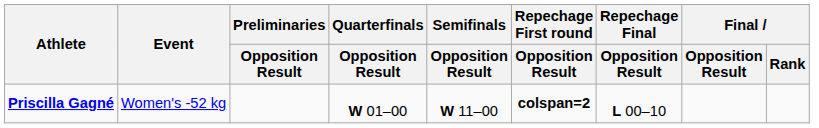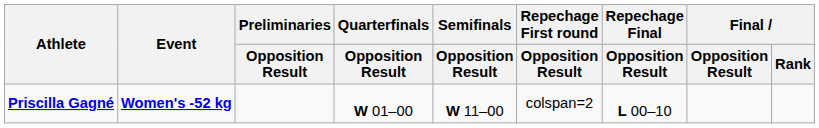 <table class="wikitable" style="font-size:90%">
 <tr>
 <th rowspan="2">Athlete</th>
 <th rowspan="2">Event</th>
 <th>Preliminaries</th>
 <th>Quarterfinals</th>
 <th>Semifinals</th>
 <th>Repechage<br>First round</th>
 <th>Repechage<br>Final</th>
 <th colspan="2">Final / </th>
 </tr>
 <tr>
 <th>Opposition<br>Result</th>
 <th>Opposition<br>Result</th>
 <th>Opposition<br>Result</th>
 <th>Opposition<br>Result</th>
 <th>Opposition<br>Result</th>
 <th>Opposition<br>Result</th>
 <th>Rank</th>
 </tr>
 <tr align=center>
 <td align=left><strong><a href='#'>Priscilla Gagné</a></strong></td>
-<td align=left><a href='#'>Women's -52 kg</a></td>
+<td align=left><strong><a href='#'>Women's -52 kg</a></strong></td>
 <td></td>
 <td><br><strong>W</strong> 01–00</td>
 <td><br><strong>W</strong> 11–00</td>
-<td><strong>colspan=2 </strong></td>
+<td>colspan=2 </td>
 <td><br><strong>L</strong> 00–10</td>
 <td></td>
 </tr>
 </table>
